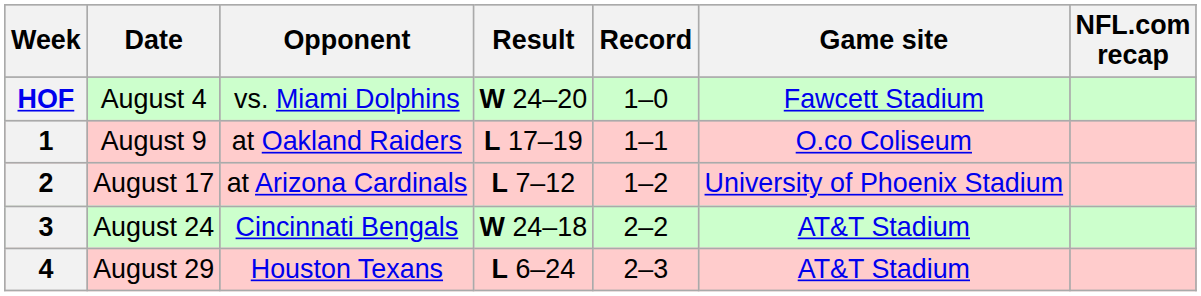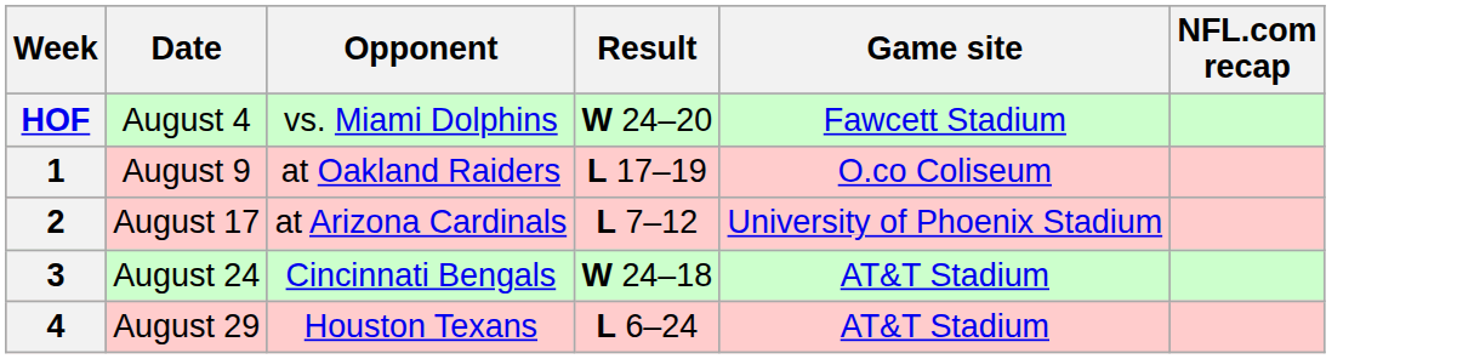 <table class="wikitable" style="text-align:center">
 <tr>
 <th>Week</th>
 <th>Date</th>
 <th>Opponent</th>
 <th>Result</th>
-<th>Record</th>
 <th>Game site</th>
 <th>NFL.com<br>recap</th>
 </tr>
 <tr style="background:#cfc">
 <th><a href='#'>HOF</a></th>
 <td>August 4</td>
 <td>vs. <a href='#'>Miami Dolphins</a></td>
 <td><strong>W</strong> 24–20</td>
-<td>1–0</td>
 <td><a href='#'>Fawcett Stadium</a> </td>
 <td></td>
 </tr>
 <tr style="background:#fcc">
 <th>1</th>
 <td>August 9</td>
 <td>at <a href='#'>Oakland Raiders</a></td>
 <td><strong>L</strong> 17–19</td>
-<td>1–1</td>
 <td><a href='#'>O.co Coliseum</a></td>
 <td></td>
 </tr>
 <tr style="background:#fcc">
 <th>2</th>
 <td>August 17</td>
 <td>at <a href='#'>Arizona Cardinals</a></td>
 <td><strong>L</strong> 7–12</td>
-<td>1–2</td>
 <td><a href='#'>University of Phoenix Stadium</a></td>
 <td></td>
 </tr>
 <tr style="background:#cfc">
 <th>3</th>
 <td>August 24</td>
 <td><a href='#'>Cincinnati Bengals</a></td>
 <td><strong>W</strong> 24–18</td>
-<td>2–2</td>
 <td><a href='#'>AT&T Stadium</a></td>
 <td></td>
 </tr>
 <tr style="background:#fcc">
 <th>4</th>
 <td>August 29</td>
 <td><a href='#'>Houston Texans</a></td>
 <td><strong>L</strong> 6–24</td>
-<td>2–3</td>
 <td><a href='#'>AT&T Stadium</a></td>
 <td></td>
 </tr>
 </table>
